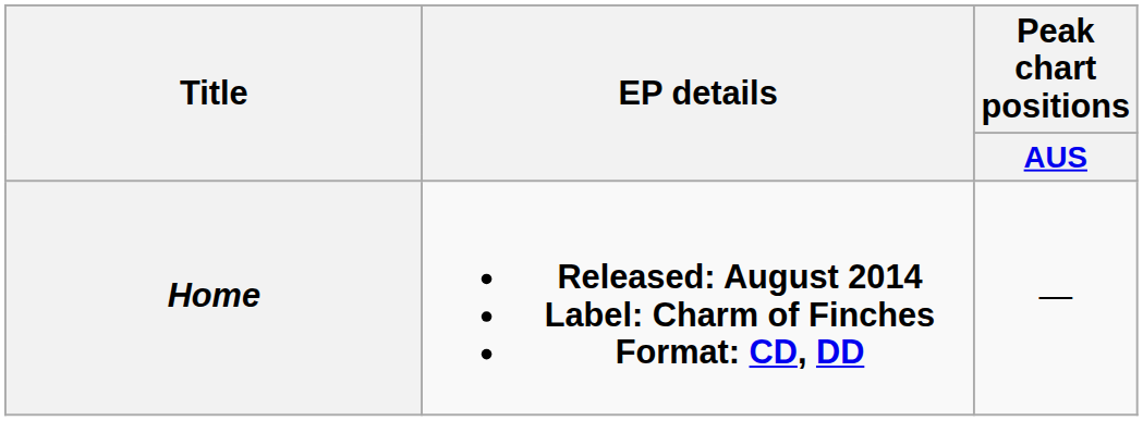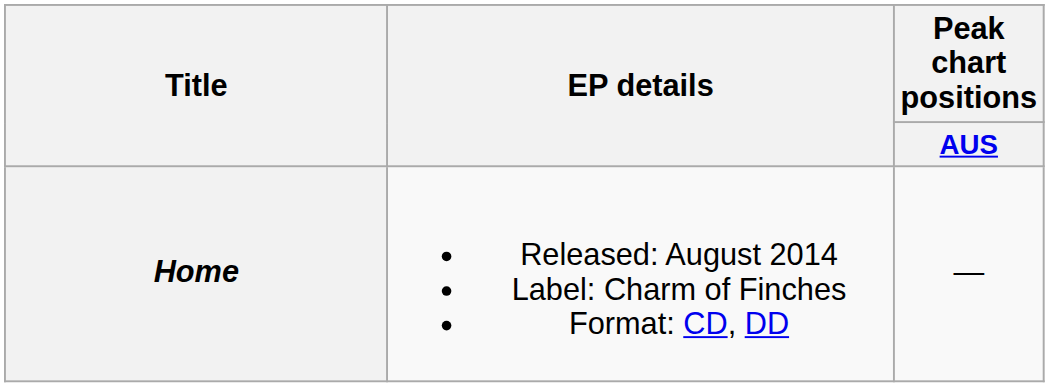 <table class="wikitable plainrowheaders" style="text-align:center;" border="1">
 <tr>
 <th scope="col" rowspan="2" style="width:12em;">Title</th>
 <th scope="col" rowspan="2" style="width:16em;">EP details</th>
 <th scope="col" colspan="1">Peak chart positions</th>
 </tr>
 <tr>
 <th scope="col" style="width:2.2em;font-size:90%;"><a href='#'>AUS</a><br></th>
 </tr>
 <tr>
 <th scope="row"><em>Home</em></th>
-<td><strong><br><ul><li>Released: August 2014</li><li>Label: Charm of Finches</li><li>Format: <a href='#'>CD</a>, <a href='#'>DD</a></li></ul></strong></td>
+<td><br><ul><li>Released: August 2014</li><li>Label: Charm of Finches</li><li>Format: <a href='#'>CD</a>, <a href='#'>DD</a></li></ul></td>
 <td>—</td>
 </tr>
 </table>
